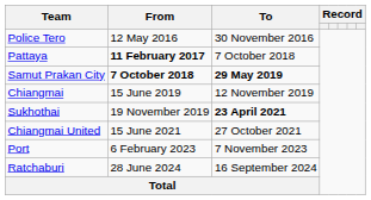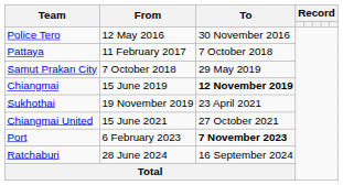 <table class=wikitable style=text-align:center>
 <tr>
 <th rowspan="2">Team</th>
 <th rowspan="2">From</th>
 <th rowspan="2">To</th>
 <th colspan="5">Record</th>
 </tr>
 <tr>
 <th></th>
 <th></th>
 <th></th>
 <th></th>
 <th></th>
 </tr>
 <tr>
 <td align="left"><a href='#'>Police Tero</a></td>
 <td align="left">12 May 2016</td>
 <td align="left">30 November 2016<br></td>
 </tr>
 <tr>
 <td align="left"><a href='#'>Pattaya</a></td>
-<td align="left"><strong>11 February 2017</strong></td>
+<td align="left">11 February 2017</td>
 <td align="left">7 October 2018<br></td>
 </tr>
 <tr>
 <td align="left"><a href='#'>Samut Prakan City</a></td>
-<td align="left"><strong>7 October 2018</strong></td>
-<td align="left"><strong>29 May 2019<br></strong></td>
+<td align="left">7 October 2018</td>
+<td align="left">29 May 2019<br></td>
 </tr>
 <tr>
 <td align="left"><a href='#'>Chiangmai</a></td>
 <td align="left">15 June 2019</td>
-<td align="left">12 November 2019<br></td>
+<td align="left"><strong>12 November 2019<br></strong></td>
 </tr>
 <tr>
 <td align="left"><a href='#'>Sukhothai</a></td>
 <td align="left">19 November 2019</td>
-<td align="left"><strong>23 April 2021<br></strong></td>
+<td align="left">23 April 2021<br></td>
 </tr>
 <tr>
 <td align="left"><a href='#'>Chiangmai United</a></td>
 <td align="left">15 June 2021</td>
 <td align="left">27 October 2021<br></td>
 </tr>
 <tr>
 <td align="left"><a href='#'>Port</a></td>
 <td align="left">6 February 2023</td>
-<td align="left">7 November 2023<br></td>
+<td align="left"><strong>7 November 2023<br></strong></td>
 </tr>
 <tr>
 <td align="left"><a href='#'>Ratchaburi</a></td>
 <td align="left">28 June 2024</td>
 <td align="left">16 September 2024<br></td>
 </tr>
 <tr>
 <th colspan="3">Total<br></th>
 </tr>
 </table>
